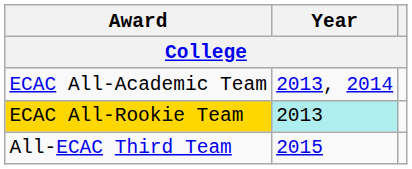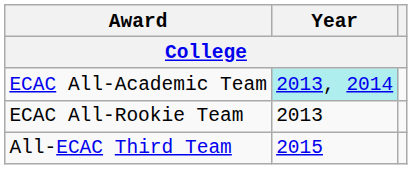 <table class="wikitable">
 <tr>
 <th>Award</th>
 <th>Year</th>
 <th></th>
 </tr>
 <tr>
 <th colspan="3"><a href='#'>College</a></th>
 </tr>
 <tr>
 <td><a href='#'>ECAC</a> All-Academic Team</td>
-<td><a href='#'>2013</a>, <a href='#'>2014</a></td>
+<td style="background: paleturquoise;"><a href='#'>2013</a>, <a href='#'>2014</a></td>
 <td></td>
 </tr>
 <tr>
-<td style="background: gold;">ECAC All-Rookie Team</td>
-<td style="background: paleturquoise;">2013</td>
+<td>ECAC All-Rookie Team</td>
+<td>2013</td>
 <td></td>
 </tr>
 <tr>
 <td>All-<a href='#'>ECAC</a> <a href='#'>Third Team</a></td>
 <td><a href='#'>2015</a></td>
 <td></td>
 </tr>
 </table>
